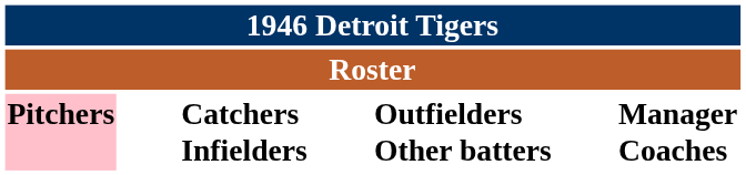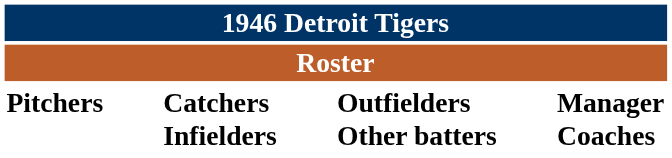 <table class="toccolours" style="font-size: 95%;">
 <tr>
 <th colspan="10" style="background-color: #003366; color: white; text-align: center;">1946 Detroit Tigers</th>
 </tr>
 <tr>
 <td colspan="10" style="background-color: #bd5d29; color: white; text-align: center;"><strong>Roster</strong></td>
 </tr>
 <tr>
-<td valign="top" style="background: pink;"><strong>Pitchers</strong><br>              </td>
+<td valign="top"><strong>Pitchers</strong><br>              </td>
 <td width="25px"></td>
 <td valign="top"><strong>Catchers</strong><br>   <strong>Infielders</strong>         </td>
 <td width="25px"></td>
 <td valign="top"><strong>Outfielders</strong><br>         <strong>Other batters</strong> </td>
 <td width="25px"></td>
 <td valign="top"><strong>Manager</strong><br> <strong>Coaches</strong>   </td>
 </tr>
 </table>
